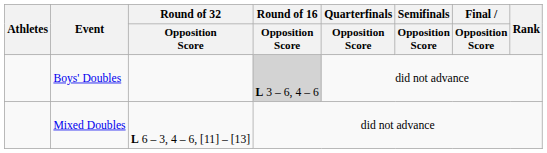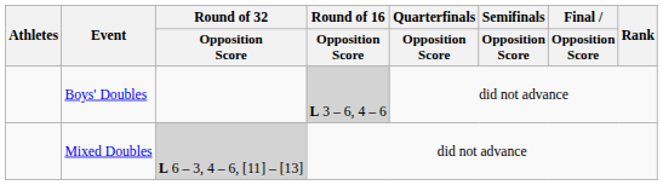 <table class=wikitable style="font-size:90%">
 <tr>
 <th rowspan="2">Athletes</th>
 <th rowspan="2">Event</th>
 <th>Round of 32</th>
 <th>Round of 16</th>
 <th>Quarterfinals</th>
 <th>Semifinals</th>
 <th>Final / </th>
 <th rowspan=2>Rank</th>
 </tr>
 <tr style="font-size:95%">
 <th>Opposition<br>Score</th>
 <th>Opposition<br>Score</th>
 <th>Opposition<br>Score</th>
 <th>Opposition<br>Score</th>
 <th>Opposition<br>Score</th>
 </tr>
 <tr align=center>
 <td align=left><br></td>
 <td align=left><a href='#'>Boys' Doubles</a></td>
 <td></td>
 <td style="background: lightgrey;"><br> <br><strong>L</strong> 3 – 6, 4 – 6</td>
 <td colspan=4>did not advance</td>
 </tr>
 <tr align=center>
 <td align=left><br></td>
 <td align=left><a href='#'>Mixed Doubles</a></td>
-<td><br> <br><strong>L</strong> 6 – 3, 4 – 6, [11] – [13]</td>
+<td style="background: lightgrey;"><br> <br><strong>L</strong> 6 – 3, 4 – 6, [11] – [13]</td>
 <td colspan=5>did not advance</td>
 </tr>
 </table>
